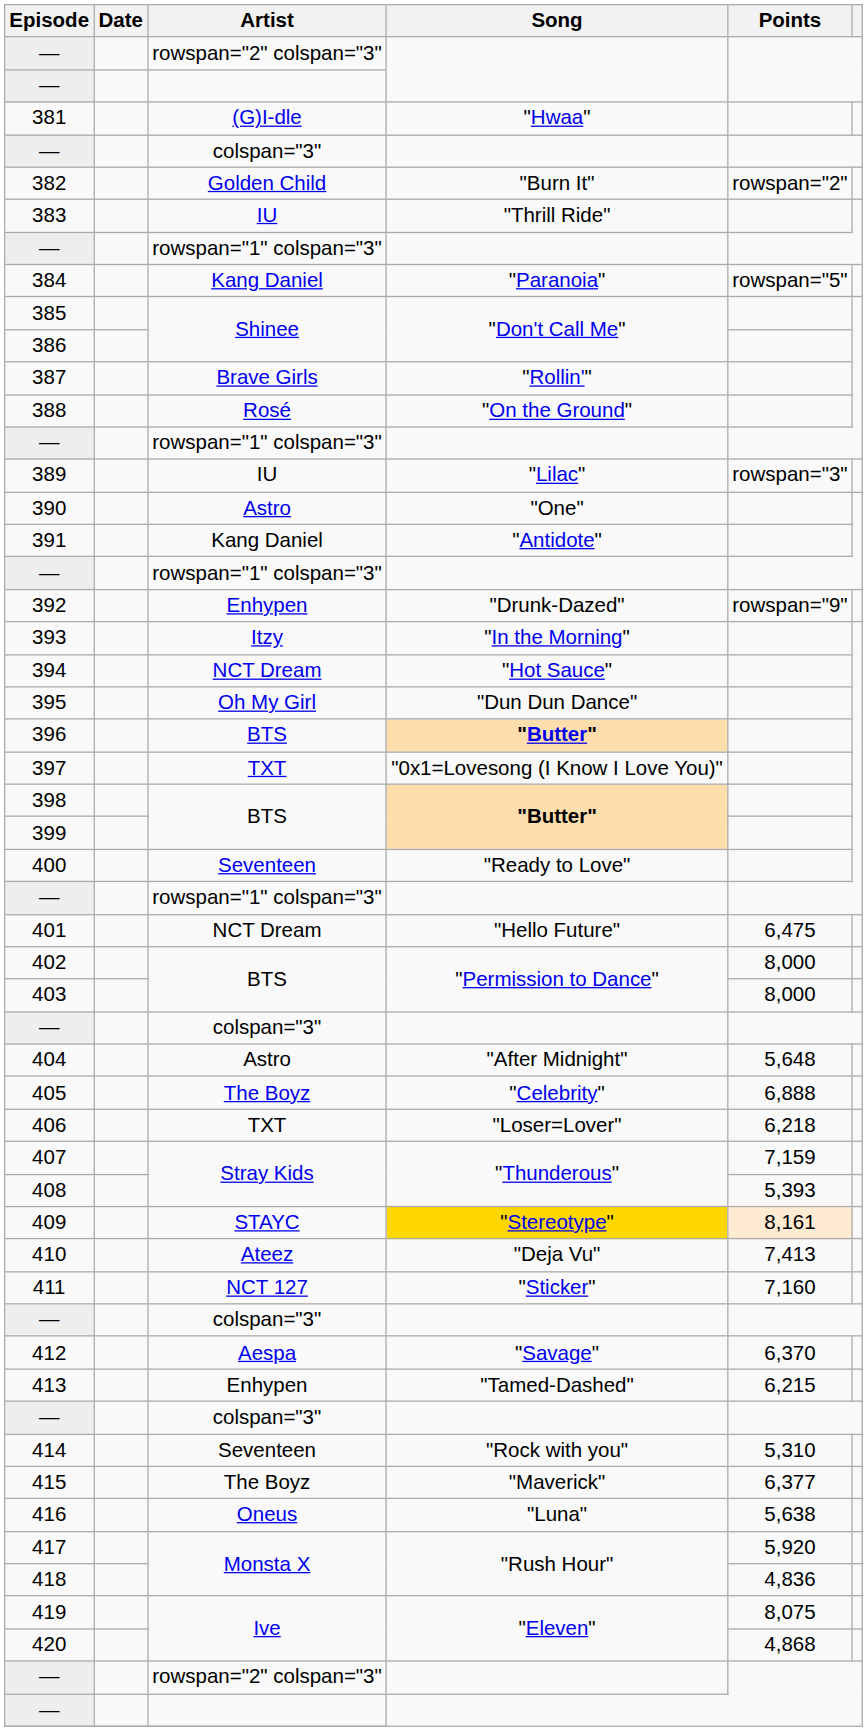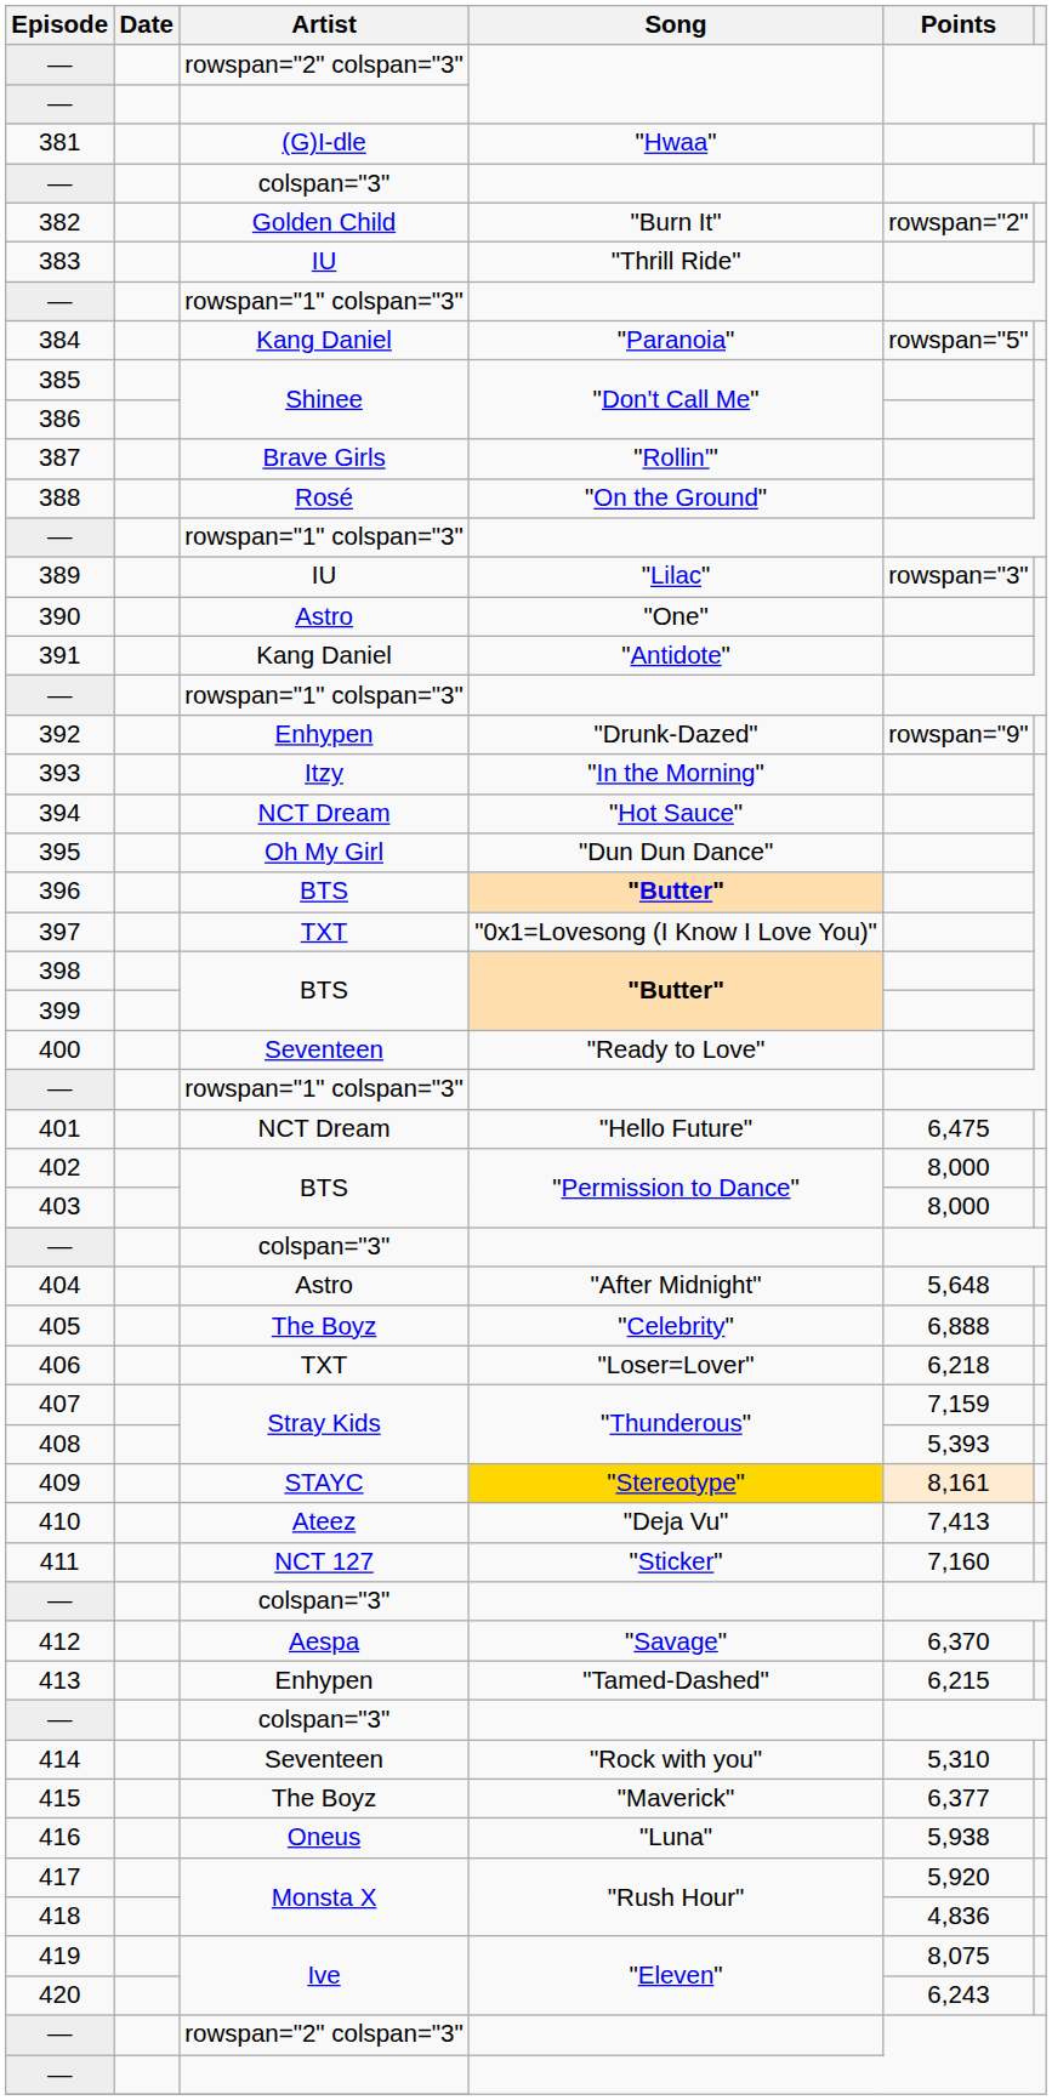 <table class="sortable wikitable" style="text-align:center">
 <tr>
 <th>Episode</th>
 <th>Date</th>
 <th>Artist</th>
 <th>Song</th>
 <th>Points</th>
 <th class=unsortable></th>
 </tr>
 <tr>
 <td style="background:#eee;">—</td>
 <td></td>
 <td>rowspan="2" colspan="3" </td>
 <td rowspan="2"></td>
 </tr>
 <tr>
 <td style="background:#eee;">—</td>
 <td></td>
 </tr>
 <tr>
 <td>381</td>
 <td></td>
 <td><a href='#'>(G)I-dle</a></td>
 <td>"<a href='#'>Hwaa</a>"</td>
 <td></td>
 <td></td>
 </tr>
 <tr>
 <td style="background:#eee;">—</td>
 <td></td>
 <td>colspan="3" </td>
 <td></td>
 </tr>
 <tr>
 <td>382</td>
 <td></td>
 <td><a href='#'>Golden Child</a></td>
 <td>"Burn It"</td>
 <td>rowspan="2" </td>
 <td></td>
 </tr>
 <tr>
 <td>383</td>
 <td></td>
 <td><a href='#'>IU</a></td>
 <td>"Thrill Ride"</td>
 <td></td>
 </tr>
 <tr>
 <td style="background:#eee;">—</td>
 <td></td>
 <td>rowspan="1" colspan="3" </td>
 <td></td>
 </tr>
 <tr>
 <td>384</td>
 <td></td>
 <td><a href='#'>Kang Daniel</a></td>
 <td>"<a href='#'>Paranoia</a>"</td>
 <td>rowspan="5" </td>
 <td></td>
 </tr>
 <tr>
 <td>385</td>
 <td></td>
 <td rowspan="2"><a href='#'>Shinee</a></td>
 <td rowspan="2">"<a href='#'>Don't Call Me</a>"</td>
 <td></td>
 </tr>
 <tr>
 <td>386</td>
 <td></td>
 <td></td>
 </tr>
 <tr>
 <td>387</td>
 <td></td>
 <td><a href='#'>Brave Girls</a></td>
 <td>"<a href='#'>Rollin'</a>"</td>
 <td></td>
 </tr>
 <tr>
 <td>388</td>
 <td></td>
 <td><a href='#'>Rosé</a></td>
 <td>"<a href='#'>On the Ground</a>"</td>
 <td></td>
 </tr>
 <tr>
 <td style="background:#eee;">—</td>
 <td></td>
 <td>rowspan="1" colspan="3" </td>
 <td></td>
 </tr>
 <tr>
 <td>389</td>
 <td></td>
 <td>IU</td>
 <td>"<a href='#'>Lilac</a>"</td>
 <td>rowspan="3" </td>
 <td></td>
 </tr>
 <tr>
 <td>390</td>
 <td></td>
 <td><a href='#'>Astro</a></td>
 <td>"One"</td>
 <td></td>
 </tr>
 <tr>
 <td>391</td>
 <td></td>
 <td>Kang Daniel</td>
 <td>"<a href='#'>Antidote</a>"</td>
 <td></td>
 </tr>
 <tr>
 <td style="background:#eee;">—</td>
 <td></td>
 <td>rowspan="1" colspan="3" </td>
 <td></td>
 </tr>
 <tr>
 <td>392</td>
 <td></td>
 <td><a href='#'>Enhypen</a></td>
 <td>"Drunk-Dazed"</td>
 <td>rowspan="9" </td>
 <td></td>
 </tr>
 <tr>
 <td>393</td>
 <td></td>
 <td><a href='#'>Itzy</a></td>
 <td>"<a href='#'>In the Morning</a>"</td>
 <td></td>
 </tr>
 <tr>
 <td>394</td>
 <td></td>
 <td><a href='#'>NCT Dream</a></td>
 <td>"<a href='#'>Hot Sauce</a>"</td>
 <td></td>
 </tr>
 <tr>
 <td>395</td>
 <td></td>
 <td><a href='#'>Oh My Girl</a></td>
 <td>"Dun Dun Dance"</td>
 <td></td>
 </tr>
 <tr>
 <td>396</td>
 <td></td>
 <td><a href='#'>BTS</a></td>
 <td style="font-weight: bold; background: navajowhite">"<a href='#'>Butter</a>"</td>
 <td></td>
 </tr>
 <tr>
 <td>397</td>
 <td></td>
 <td><a href='#'>TXT</a></td>
 <td>"0x1=Lovesong (I Know I Love You)"</td>
 <td></td>
 </tr>
 <tr>
 <td>398</td>
 <td></td>
 <td rowspan="2">BTS</td>
 <td style="font-weight: bold; background: navajowhite;" rowspan="2">"Butter"</td>
 <td></td>
 </tr>
 <tr>
 <td>399</td>
 <td></td>
 <td></td>
 </tr>
 <tr>
 <td>400</td>
 <td></td>
 <td><a href='#'>Seventeen</a></td>
 <td>"Ready to Love"</td>
 <td></td>
 </tr>
 <tr>
 <td style="background:#eee;">—</td>
 <td></td>
 <td>rowspan="1" colspan="3" </td>
 <td></td>
 </tr>
 <tr>
 <td>401</td>
 <td></td>
 <td>NCT Dream</td>
 <td>"Hello Future"</td>
 <td>6,475</td>
 <td></td>
 </tr>
 <tr>
 <td>402</td>
 <td></td>
 <td rowspan="2">BTS</td>
 <td rowspan="2">"<a href='#'>Permission to Dance</a>"</td>
 <td>8,000</td>
 <td></td>
 </tr>
 <tr>
 <td>403</td>
 <td></td>
 <td>8,000</td>
 <td></td>
 </tr>
 <tr>
 <td style="background:#eee;">—</td>
 <td></td>
 <td>colspan="3" </td>
 <td></td>
 </tr>
 <tr>
 <td>404</td>
 <td></td>
 <td>Astro</td>
 <td>"After Midnight"</td>
 <td>5,648</td>
 <td></td>
 </tr>
 <tr>
 <td>405</td>
 <td></td>
 <td><a href='#'>The Boyz</a></td>
 <td>"<a href='#'>Celebrity</a>"</td>
 <td>6,888</td>
 <td></td>
 </tr>
 <tr>
 <td>406</td>
 <td></td>
 <td>TXT</td>
 <td>"Loser=Lover"</td>
 <td>6,218</td>
 <td></td>
 </tr>
 <tr>
 <td>407</td>
 <td></td>
 <td rowspan="2"><a href='#'>Stray Kids</a></td>
 <td rowspan="2">"<a href='#'>Thunderous</a>"</td>
 <td>7,159</td>
 <td></td>
 </tr>
 <tr>
 <td>408</td>
 <td></td>
 <td>5,393</td>
 <td></td>
 </tr>
 <tr>
 <td>409</td>
 <td></td>
 <td><a href='#'>STAYC</a></td>
 <td style="background: gold;">"<a href='#'>Stereotype</a>"</td>
 <td style="background: #ffebd2;">8,161</td>
 <td></td>
 </tr>
 <tr>
 <td>410</td>
 <td></td>
 <td><a href='#'>Ateez</a></td>
 <td>"Deja Vu"</td>
 <td>7,413</td>
 <td></td>
 </tr>
 <tr>
 <td>411</td>
 <td></td>
 <td><a href='#'>NCT 127</a></td>
 <td>"<a href='#'>Sticker</a>"</td>
 <td>7,160</td>
 <td></td>
 </tr>
 <tr>
 <td style="background:#eee;">—</td>
 <td></td>
 <td>colspan="3" </td>
 <td></td>
 </tr>
 <tr>
 <td>412</td>
 <td></td>
 <td><a href='#'>Aespa</a></td>
 <td>"<a href='#'>Savage</a>"</td>
 <td>6,370</td>
 <td></td>
 </tr>
 <tr>
 <td>413</td>
 <td></td>
 <td>Enhypen</td>
 <td>"Tamed-Dashed"</td>
 <td>6,215</td>
 <td></td>
 </tr>
 <tr>
 <td style="background:#eee;">—</td>
 <td></td>
 <td>colspan="3" </td>
 <td></td>
 </tr>
 <tr>
 <td>414</td>
 <td></td>
 <td>Seventeen</td>
 <td>"Rock with you"</td>
 <td>5,310</td>
 <td></td>
 </tr>
 <tr>
 <td>415</td>
 <td></td>
 <td>The Boyz</td>
 <td>"Maverick"</td>
 <td>6,377</td>
 <td></td>
 </tr>
 <tr>
 <td>416</td>
 <td></td>
 <td><a href='#'>Oneus</a></td>
 <td>"Luna"</td>
-<td>5,638</td>
+<td>5,938</td>
 <td></td>
 </tr>
 <tr>
 <td>417</td>
 <td></td>
 <td rowspan="2"><a href='#'>Monsta X</a></td>
 <td rowspan="2">"Rush Hour"</td>
 <td>5,920</td>
 <td></td>
 </tr>
 <tr>
 <td>418</td>
 <td></td>
 <td>4,836</td>
 <td></td>
 </tr>
 <tr>
 <td>419</td>
 <td></td>
 <td rowspan="2"><a href='#'>Ive</a></td>
 <td rowspan="2">"<a href='#'>Eleven</a>"</td>
 <td>8,075</td>
 <td></td>
 </tr>
 <tr>
 <td>420</td>
 <td></td>
-<td>4,868</td>
+<td>6,243</td>
 <td></td>
 </tr>
 <tr>
 <td style="background:#eee;">—</td>
 <td></td>
 <td>rowspan="2" colspan="3" </td>
 <td></td>
 </tr>
 <tr>
 <td style="background:#eee;">—</td>
 <td></td>
 <td></td>
 </tr>
 <tr>
 </tr>
 </table>
